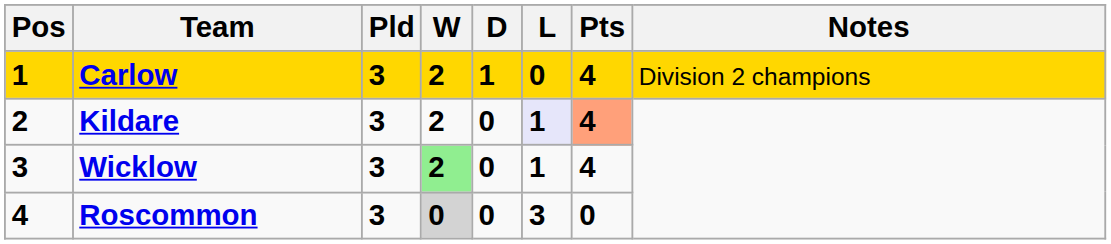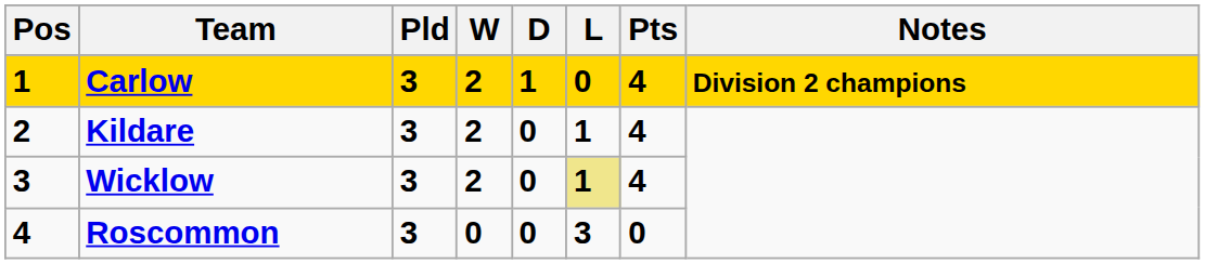 <table class="wikitable" style="text-align: centre;">
 <tr>
 <th width=20>Pos</th>
 <th width=150>Team</th>
 <th width=20>Pld</th>
 <th width=20>W</th>
 <th width=20>D</th>
 <th width=20>L</th>
 <th width=20>Pts</th>
 <th width=250>Notes</th>
 </tr>
 <tr style="background:gold;">
 <td><strong>1</strong></td>
 <td align=left><strong> <a href='#'>Carlow</a> </strong></td>
 <td><strong>3</strong></td>
 <td><strong>2</strong></td>
 <td><strong>1</strong></td>
 <td><strong>0</strong></td>
 <td><strong>4</strong></td>
-<td><small> Division 2 champions</small></td>
+<td><strong><small> Division 2 champions</small></strong></td>
 </tr>
 <tr style>
 <td><strong>2</strong></td>
 <td align=left><strong> <a href='#'>Kildare</a> </strong></td>
 <td><strong>3</strong></td>
 <td><strong>2</strong></td>
 <td><strong>0</strong></td>
-<td style="background: lavender;"><strong>1</strong></td>
-<td style="background: lightsalmon;"><strong>4</strong></td>
+<td><strong>1</strong></td>
+<td><strong>4</strong></td>
 </tr>
 <tr>
 <td><strong>3</strong></td>
 <td align=left><strong> <a href='#'>Wicklow</a> </strong></td>
 <td><strong>3</strong></td>
-<td style="background: lightgreen;"><strong>2</strong></td>
+<td><strong>2</strong></td>
 <td><strong>0</strong></td>
-<td><strong>1</strong></td>
+<td style="background: khaki;"><strong>1</strong></td>
 <td><strong>4</strong></td>
 </tr>
 <tr style>
 <td><strong>4</strong></td>
 <td align=left><strong> <a href='#'>Roscommon</a> </strong></td>
 <td><strong>3</strong></td>
-<td style="background: lightgrey;"><strong>0</strong></td>
+<td><strong>0</strong></td>
 <td><strong>0</strong></td>
 <td><strong>3</strong></td>
 <td><strong>0</strong></td>
 </tr>
 </table>
